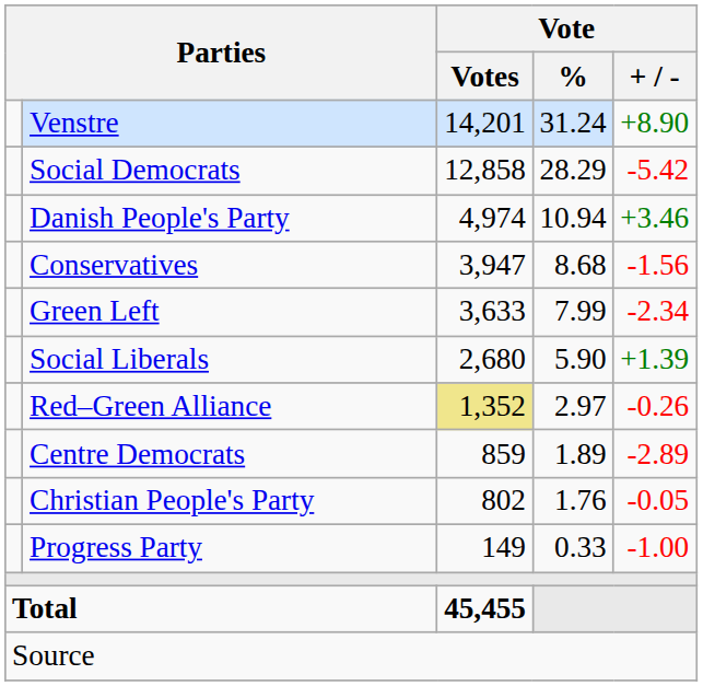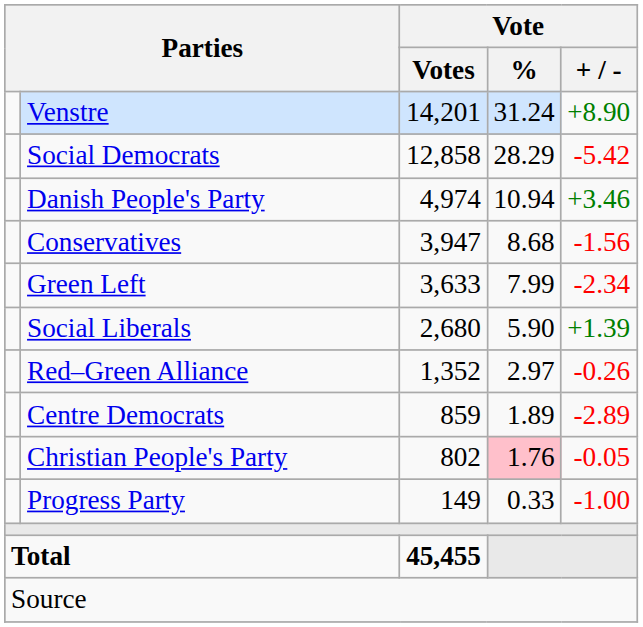 <table class="wikitable" style="text-align:right;">
 <tr>
 <th style="text-align:centre;" rowspan="2" colspan="2" width="225">Parties</th>
 <th colspan="3">Vote</th>
 </tr>
 <tr>
 <th width="15">Votes</th>
 <th width="15">%</th>
 <th width="15">+ / -</th>
 </tr>
 <tr>
 <td width="2" style="color:inherit;background:"></td>
 <td bgcolor=#cfe5fe  align="left"><a href='#'>Venstre</a></td>
 <td bgcolor=#cfe5fe>14,201</td>
 <td bgcolor=#cfe5fe>31.24</td>
 <td style=color:green;>+8.90</td>
 </tr>
 <tr>
 <td width="2" style="color:inherit;background:"></td>
 <td align="left"><a href='#'>Social Democrats</a></td>
 <td>12,858</td>
 <td>28.29</td>
 <td style=color:red;>-5.42</td>
 </tr>
 <tr>
 <td width="2" style="color:inherit;background:"></td>
 <td align="left"><a href='#'>Danish People's Party</a></td>
 <td>4,974</td>
 <td>10.94</td>
 <td style=color:green;>+3.46</td>
 </tr>
 <tr>
 <td width="2" style="color:inherit;background:"></td>
 <td align="left"><a href='#'>Conservatives</a></td>
 <td>3,947</td>
 <td>8.68</td>
 <td style=color:red;>-1.56</td>
 </tr>
 <tr>
 <td width="2" style="color:inherit;background:"></td>
 <td align="left"><a href='#'>Green Left</a></td>
 <td>3,633</td>
 <td>7.99</td>
 <td style=color:red;>-2.34</td>
 </tr>
 <tr>
 <td width="2" style="color:inherit;background:"></td>
 <td align="left"><a href='#'>Social Liberals</a></td>
 <td>2,680</td>
 <td>5.90</td>
 <td style=color:green;>+1.39</td>
 </tr>
 <tr>
 <td width="2" style="color:inherit;background:"></td>
 <td align="left"><a href='#'>Red–Green Alliance</a></td>
-<td style="background: khaki;">1,352</td>
+<td>1,352</td>
 <td>2.97</td>
 <td style=color:red;>-0.26</td>
 </tr>
 <tr>
 <td width="2" style="color:inherit;background:"></td>
 <td align="left"><a href='#'>Centre Democrats</a></td>
 <td>859</td>
 <td>1.89</td>
 <td style=color:red;>-2.89</td>
 </tr>
 <tr>
 <td width="2" style="color:inherit;background:"></td>
 <td align="left"><a href='#'>Christian People's Party</a></td>
 <td>802</td>
-<td>1.76</td>
+<td style="background: pink;">1.76</td>
 <td style=color:red;>-0.05</td>
 </tr>
 <tr>
 <td width="2" style="color:inherit;background:"></td>
 <td align="left"><a href='#'>Progress Party</a></td>
 <td>149</td>
 <td>0.33</td>
 <td style=color:red;>-1.00</td>
 </tr>
 <tr>
 <td colspan="7" bgcolor="#E9E9E9"></td>
 </tr>
 <tr>
 <td align="left" colspan="2"><strong>Total</strong></td>
 <td><strong>45,455</strong></td>
 <td bgcolor="#E9E9E9" colspan="2"></td>
 </tr>
 <tr>
 <td align="left" colspan="6">Source</td>
 </tr>
 </table>
